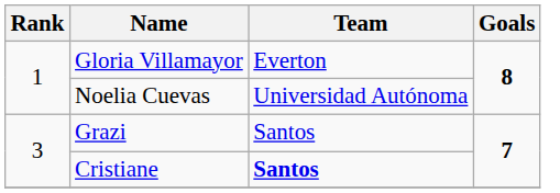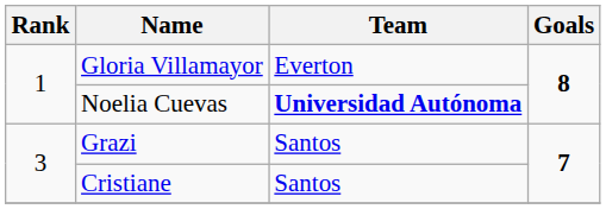 <table class="wikitable" style="text-align:center">
 <tr>
 <th>Rank</th>
 <th>Name</th>
 <th>Team</th>
 <th>Goals</th>
 </tr>
 <tr>
 <td rowspan=2>1</td>
 <td align="left"><a href='#'>Gloria Villamayor</a></td>
 <td align="left">  <a href='#'>Everton</a></td>
 <td rowspan=2><strong>8</strong></td>
 </tr>
 <tr>
 <td align="left">Noelia Cuevas</td>
-<td align="left">  <a href='#'>Universidad Autónoma</a></td>
+<td align="left"><strong>  <a href='#'>Universidad Autónoma</a></strong></td>
 </tr>
 <tr>
 <td rowspan=2>3</td>
 <td align="left"><a href='#'>Grazi</a></td>
 <td align="left"> <a href='#'>Santos</a></td>
 <td rowspan=2><strong>7</strong></td>
 </tr>
 <tr>
 <td align="left"><a href='#'>Cristiane</a></td>
-<td align="left"><strong> <a href='#'>Santos</a></strong></td>
+<td align="left"> <a href='#'>Santos</a></td>
 </tr>
 <tr>
 </tr>
 </table>
